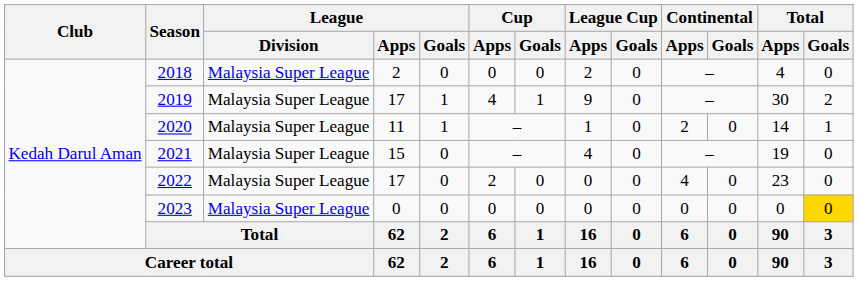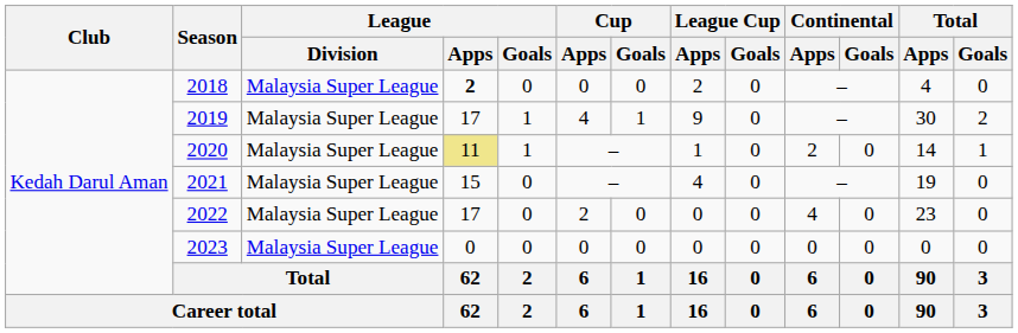 <table class=wikitable style="text-align:center">
 <tr>
 <th rowspan=2>Club</th>
 <th rowspan=2>Season</th>
 <th colspan=3>League</th>
 <th colspan=2>Cup</th>
 <th colspan=2>League Cup</th>
 <th colspan=2>Continental</th>
 <th colspan=2>Total</th>
 </tr>
 <tr>
 <th>Division</th>
 <th>Apps</th>
 <th>Goals</th>
 <th>Apps</th>
 <th>Goals</th>
 <th>Apps</th>
 <th>Goals</th>
 <th>Apps</th>
 <th>Goals</th>
 <th>Apps</th>
 <th>Goals</th>
 </tr>
 <tr>
 <td rowspan="7"><a href='#'>Kedah Darul Aman</a></td>
 <td><a href='#'>2018</a></td>
 <td><a href='#'>Malaysia Super League</a></td>
-<td>2</td>
+<td><strong>2</strong></td>
 <td>0</td>
 <td>0</td>
 <td>0</td>
 <td>2</td>
 <td>0</td>
 <td colspan="2">–</td>
 <td>4</td>
 <td>0</td>
 </tr>
 <tr>
 <td><a href='#'>2019</a></td>
 <td>Malaysia Super League</td>
 <td>17</td>
 <td>1</td>
 <td>4</td>
 <td>1</td>
 <td>9</td>
 <td>0</td>
 <td colspan="2">–</td>
 <td>30</td>
 <td>2</td>
 </tr>
 <tr>
 <td><a href='#'>2020</a></td>
 <td>Malaysia Super League</td>
-<td>11</td>
+<td style="background: khaki;">11</td>
 <td>1</td>
 <td colspan="2">–</td>
 <td>1</td>
 <td>0</td>
 <td>2</td>
 <td>0</td>
 <td>14</td>
 <td>1</td>
 </tr>
 <tr>
 <td><a href='#'>2021</a></td>
 <td>Malaysia Super League</td>
 <td>15</td>
 <td>0</td>
 <td colspan="2">–</td>
 <td>4</td>
 <td>0</td>
 <td colspan="2">–</td>
 <td>19</td>
 <td>0</td>
 </tr>
 <tr>
 <td><a href='#'>2022</a></td>
 <td>Malaysia Super League</td>
 <td>17</td>
 <td>0</td>
 <td>2</td>
 <td>0</td>
 <td>0</td>
 <td>0</td>
 <td>4</td>
 <td>0</td>
 <td>23</td>
 <td>0</td>
 </tr>
 <tr>
 <td><a href='#'>2023</a></td>
 <td><a href='#'>Malaysia Super League</a></td>
 <td>0</td>
 <td>0</td>
 <td>0</td>
 <td>0</td>
 <td>0</td>
 <td>0</td>
 <td>0</td>
 <td>0</td>
 <td>0</td>
-<td style="background: gold;">0</td>
+<td>0</td>
 </tr>
 <tr>
 <th colspan=2>Total</th>
 <th>62</th>
 <th>2</th>
 <th>6</th>
 <th>1</th>
 <th>16</th>
 <th>0</th>
 <th>6</th>
 <th>0</th>
 <th>90</th>
 <th>3</th>
 </tr>
 <tr>
 <th colspan=3>Career total</th>
 <th>62</th>
 <th>2</th>
 <th>6</th>
 <th>1</th>
 <th>16</th>
 <th>0</th>
 <th>6</th>
 <th>0</th>
 <th>90</th>
 <th>3</th>
 </tr>
 </table>
